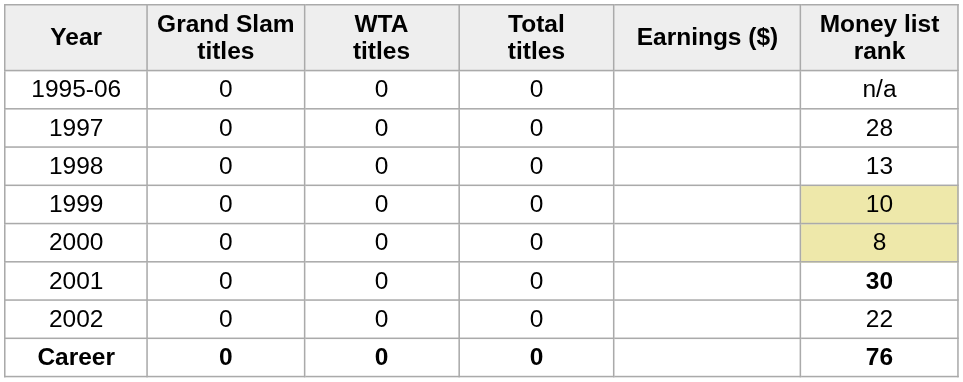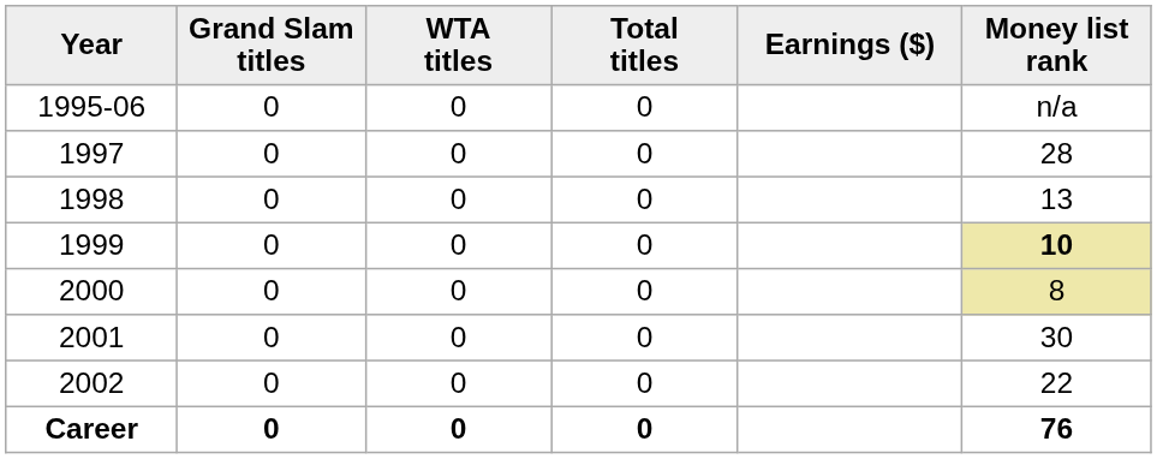 <table cellpadding=3 cellspacing=0 border=1 style=border:#aaa;solid:1px;border-collapse:collapse;text-align:center;>
 <tr style=background:#eee;font-weight:bold>
 <td width="90">Year</td>
 <td width="100">Grand Slam <br>titles</td>
 <td width="100">WTA <br>titles</td>
 <td width="100">Total <br>titles</td>
 <td width="120">Earnings ($)</td>
 <td width="100">Money list rank</td>
 </tr>
 <tr>
 <td align="center">1995-06</td>
 <td align="center">0</td>
 <td align="center">0</td>
 <td align="center">0</td>
 <td align="right"></td>
 <td align="center">n/a</td>
 </tr>
 <tr>
 <td align="center">1997</td>
 <td align="center">0</td>
 <td align="center">0</td>
 <td align="center">0</td>
 <td align="right"></td>
 <td align="center">28</td>
 </tr>
 <tr>
 <td align="center">1998</td>
 <td align="center">0</td>
 <td align="center">0</td>
 <td align="center">0</td>
 <td align="right"></td>
 <td align="center">13</td>
 </tr>
 <tr>
 <td align="center">1999</td>
 <td align="center">0</td>
 <td align="center">0</td>
 <td align="center">0</td>
 <td align="right"></td>
-<td align="center" style="background:#eee8aa;">10</td>
+<td align="center" style="background:#eee8aa;"><strong>10</strong></td>
 </tr>
 <tr>
 <td align="center">2000</td>
 <td align="center">0</td>
 <td align="center">0</td>
 <td align="center">0</td>
 <td align="right"></td>
 <td align="center" style="background:#eee8aa;">8</td>
 </tr>
 <tr>
 <td align="center">2001</td>
 <td align="center">0</td>
 <td align="center">0</td>
 <td align="center">0</td>
 <td align="right"></td>
-<td align="center"><strong>30</strong></td>
+<td align="center">30</td>
 </tr>
 <tr>
 <td align="center">2002</td>
 <td align="center">0</td>
 <td align="center">0</td>
 <td align="center">0</td>
 <td align="right"></td>
 <td align="center">22</td>
 </tr>
 <tr>
 <th align="center">Career</th>
 <th align="center">0</th>
 <th align="center">0</th>
 <th align="center">0</th>
 <th align="right"></th>
 <th align="center">76</th>
 </tr>
 </table>
